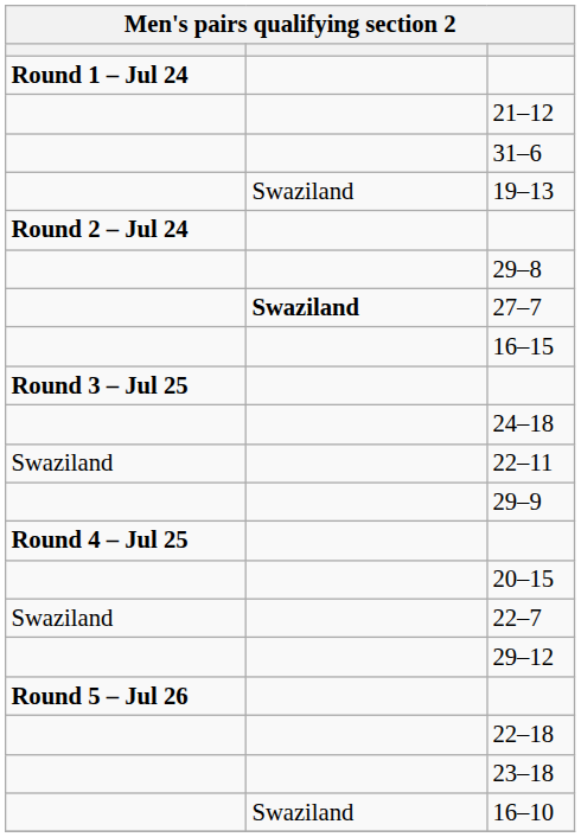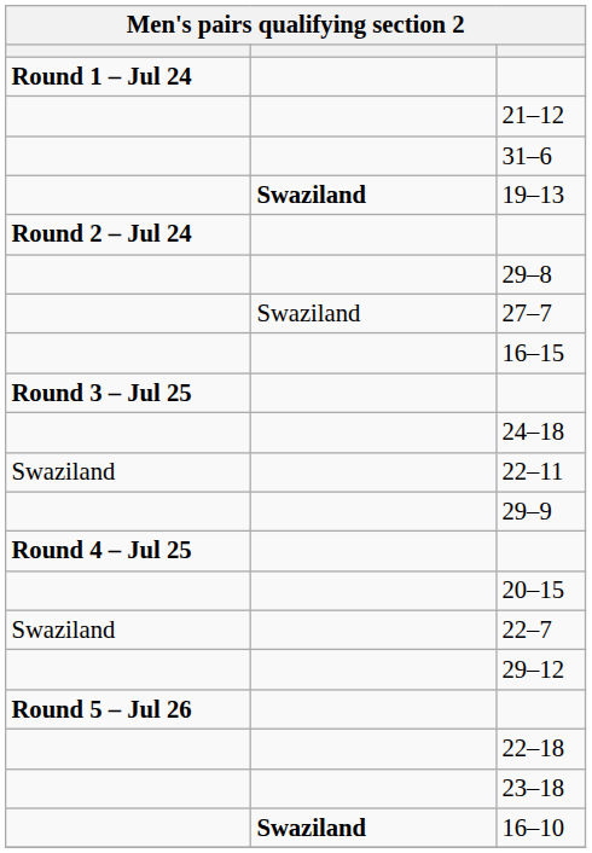 <table class="wikitable">
 <tr>
 <th colspan="3">Men's pairs qualifying section 2</th>
 </tr>
 <tr>
 <th width=150></th>
 <th width=150></th>
 <th width=50></th>
 </tr>
 <tr>
 <td><strong>Round 1 – Jul 24</strong></td>
 <td></td>
 <td></td>
 </tr>
 <tr>
 <td></td>
 <td></td>
 <td>21–12</td>
 </tr>
 <tr>
 <td></td>
 <td></td>
 <td>31–6</td>
 </tr>
 <tr>
 <td></td>
-<td> Swaziland</td>
+<td><strong> Swaziland</strong></td>
 <td>19–13</td>
 </tr>
 <tr>
 <td><strong>Round 2 – Jul 24</strong></td>
 <td></td>
 <td></td>
 </tr>
 <tr>
 <td></td>
 <td></td>
 <td>29–8</td>
 </tr>
 <tr>
 <td></td>
-<td><strong> Swaziland</strong></td>
+<td> Swaziland</td>
 <td>27–7</td>
 </tr>
 <tr>
 <td></td>
 <td></td>
 <td>16–15</td>
 </tr>
 <tr>
 <td><strong>Round 3 – Jul 25</strong></td>
 <td></td>
 <td></td>
 </tr>
 <tr>
 <td></td>
 <td></td>
 <td>24–18</td>
 </tr>
 <tr>
 <td> Swaziland</td>
 <td></td>
 <td>22–11</td>
 </tr>
 <tr>
 <td></td>
 <td></td>
 <td>29–9</td>
 </tr>
 <tr>
 <td><strong>Round 4 – Jul 25</strong></td>
 <td></td>
 <td></td>
 </tr>
 <tr>
 <td></td>
 <td></td>
 <td>20–15</td>
 </tr>
 <tr>
 <td> Swaziland</td>
 <td></td>
 <td>22–7</td>
 </tr>
 <tr>
 <td></td>
 <td></td>
 <td>29–12</td>
 </tr>
 <tr>
 <td><strong>Round 5 – Jul 26</strong></td>
 <td></td>
 <td></td>
 </tr>
 <tr>
 <td></td>
 <td></td>
 <td>22–18</td>
 </tr>
 <tr>
 <td></td>
 <td></td>
 <td>23–18</td>
 </tr>
 <tr>
 <td></td>
-<td> Swaziland</td>
+<td><strong> Swaziland</strong></td>
 <td>16–10</td>
 </tr>
 <tr>
 </tr>
 </table>
